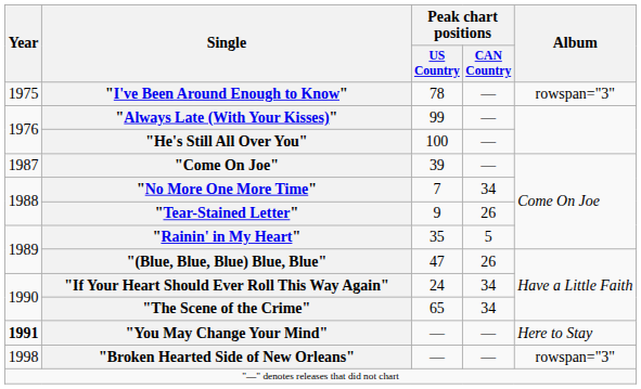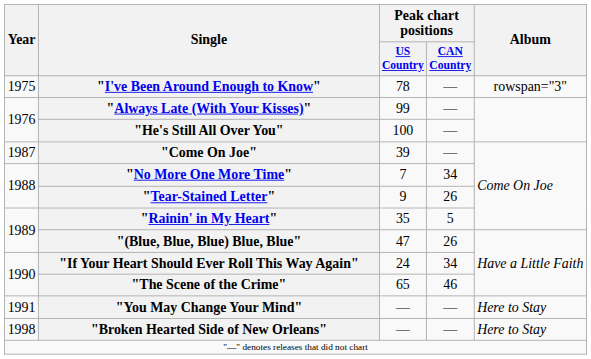 <table class="wikitable plainrowheaders" style="text-align:center;">
 <tr>
 <th rowspan="2">Year</th>
 <th rowspan="2" style="width:24em;">Single</th>
 <th colspan="2">Peak chart<br>positions</th>
 <th rowspan="2">Album</th>
 </tr>
 <tr style="font-size:smaller;">
 <th width="45"><a href='#'>US Country</a></th>
 <th width="45"><a href='#'>CAN Country</a></th>
 </tr>
 <tr>
 <td>1975</td>
 <th scope="row">"<a href='#'>I've Been Around Enough to Know</a>"</th>
 <td>78</td>
 <td>—</td>
 <td>rowspan="3" </td>
 </tr>
 <tr>
 <td rowspan="2">1976</td>
 <th scope="row">"<a href='#'>Always Late (With Your Kisses)</a>"</th>
 <td>99</td>
 <td>—</td>
 </tr>
 <tr>
 <th scope="row">"He's Still All Over You"</th>
 <td>100</td>
 <td>—</td>
 </tr>
 <tr>
 <td>1987</td>
 <th scope="row">"Come On Joe"</th>
 <td>39</td>
 <td>—</td>
 <td align="left" rowspan="4"><em>Come On Joe</em></td>
 </tr>
 <tr>
 <td rowspan="2">1988</td>
 <th scope="row">"<a href='#'>No More One More Time</a>"</th>
 <td>7</td>
 <td>34</td>
 </tr>
 <tr>
 <th scope="row">"<a href='#'>Tear-Stained Letter</a>"</th>
 <td>9</td>
 <td>26</td>
 </tr>
 <tr>
 <td rowspan="2">1989</td>
 <th scope="row">"<a href='#'>Rainin' in My Heart</a>"</th>
 <td>35</td>
 <td>5</td>
 </tr>
 <tr>
 <th scope="row">"(Blue, Blue, Blue) Blue, Blue"</th>
 <td>47</td>
 <td>26</td>
 <td align="left" rowspan="3"><em>Have a Little Faith</em></td>
 </tr>
 <tr>
 <td rowspan="2">1990</td>
 <th scope="row">"If Your Heart Should Ever Roll This Way Again"</th>
 <td>24</td>
 <td>34</td>
 </tr>
 <tr>
 <th scope="row">"The Scene of the Crime"</th>
 <td>65</td>
-<td>34</td>
+<td>46</td>
 </tr>
 <tr>
-<td><strong>1991</strong></td>
+<td>1991</td>
 <th scope="row">"You May Change Your Mind"</th>
 <td>—</td>
 <td>—</td>
 <td align="left"><em>Here to Stay</em></td>
 </tr>
 <tr>
 <td>1998</td>
 <th scope="row">"Broken Hearted Side of New Orleans"</th>
 <td>—</td>
 <td>—</td>
-<td>rowspan="3" </td>
+<td align="left"><em>Here to Stay</em></td>
 </tr>
 <tr>
 <td colspan="5" style="font-size:8pt">"—" denotes releases that did not chart</td>
 </tr>
 </table>
